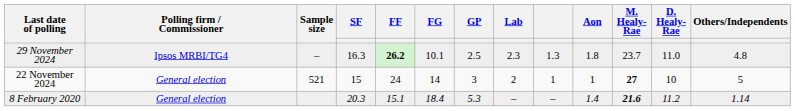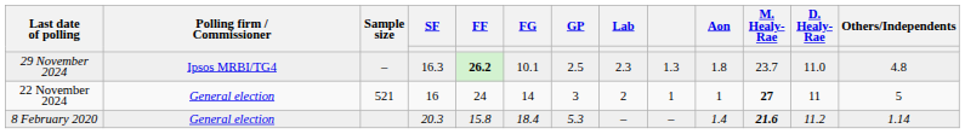 <table class="wikitable sortable collapsible" style="text-align:center;font-size:95%;line-height:14px;">
 <tr style="height:42px;">
 <th style="width:110px;" rowspan="2">Last date<br>of polling</th>
 <th style="width:300px;" rowspan="2">Polling firm /<br>Commissioner</th>
 <th class="unsortable" style="width:50px;" rowspan="2">Sample<br>size</th>
 <th class="unsortable" style="width:50px;"><a href='#'>SF</a></th>
 <th class="unsortable" style="width:50px;"><a href='#'>FF</a></th>
 <th class="unsortable" style="width:50px;"><a href='#'>FG</a></th>
 <th class="unsortable" style="width:50px;"><a href='#'>GP</a></th>
 <th class="unsortable" style="width:50px;"><a href='#'>Lab</a></th>
 <th class="unsortable" style="width:50px;"></th>
 <th class="unsortable" style="width:50px;"><a href='#'>Aon</a></th>
 <th class="unsortable" style="width:50px;"><a href='#'>M. Healy-Rae</a></th>
 <th class="unsortable" style="width:50px;"><a href='#'>D. Healy-Rae</a></th>
 <th class="unsortable" style="width:50px;">Others/Independents</th>
 </tr>
 <tr>
 <th style="color:inherit;background:"></th>
 <th style="color:inherit;background:"></th>
 <th style="color:inherit;background:"></th>
 <th style="color:inherit;background:"></th>
 <th style="color:inherit;background:"></th>
 <th style="color:inherit;background:"></th>
 <th style="color:inherit;background:"></th>
 <th style="color:inherit;background:"></th>
 <th style="color:inherit;background:"></th>
 <th style="color:inherit;background:"></th>
 </tr>
 <tr style="background:#EFEFEF;">
 <td><em>29 November 2024</em></td>
 <td><a href='#'>Ipsos MRBI/TG4</a></td>
 <td>–</td>
 <td>16.3</td>
 <td style="background:#D3F2D0"><strong>26.2</strong></td>
 <td>10.1</td>
 <td>2.5</td>
 <td>2.3</td>
 <td>1.3</td>
 <td>1.8</td>
 <td>23.7</td>
 <td>11.0</td>
 <td>4.8</td>
 </tr>
 <tr>
 <td>22 November 2024</td>
 <td><em><a href='#'>General election</a></em></td>
 <td>521</td>
-<td>15</td>
+<td>16</td>
 <td>24</td>
 <td>14</td>
 <td>3</td>
 <td>2</td>
 <td>1</td>
 <td>1</td>
 <td><strong>27</strong></td>
-<td>10</td>
+<td>11</td>
 <td>5</td>
 </tr>
 <tr style="background:#EFEFEF;">
 <td><em>8 February 2020</em></td>
 <td><em><a href='#'>General election</a></em></td>
 <td></td>
 <td><em>20.3</em></td>
-<td><em>15.1</em></td>
+<td><em>15.8</em></td>
 <td><em>18.4</em></td>
 <td><em>5.3</em></td>
 <td><em>–</em></td>
 <td><em>–</em></td>
 <td><em>1.4</em></td>
 <td><strong><em>21.6</em></strong></td>
 <td><em>11.2</em></td>
 <td><em>1.14</em></td>
 </tr>
 </table>
